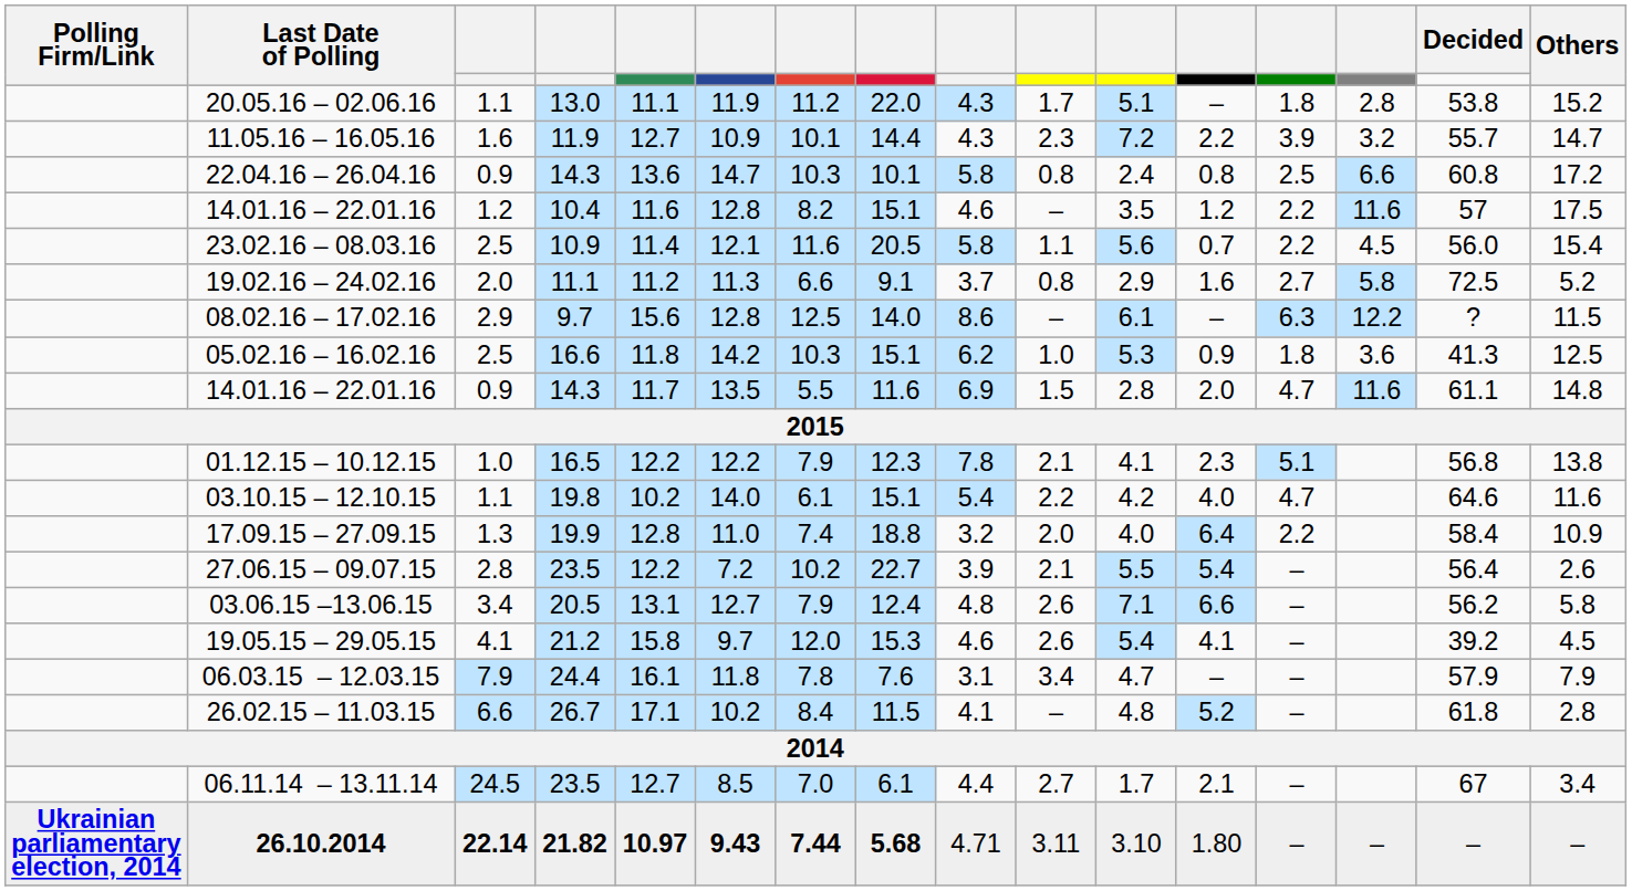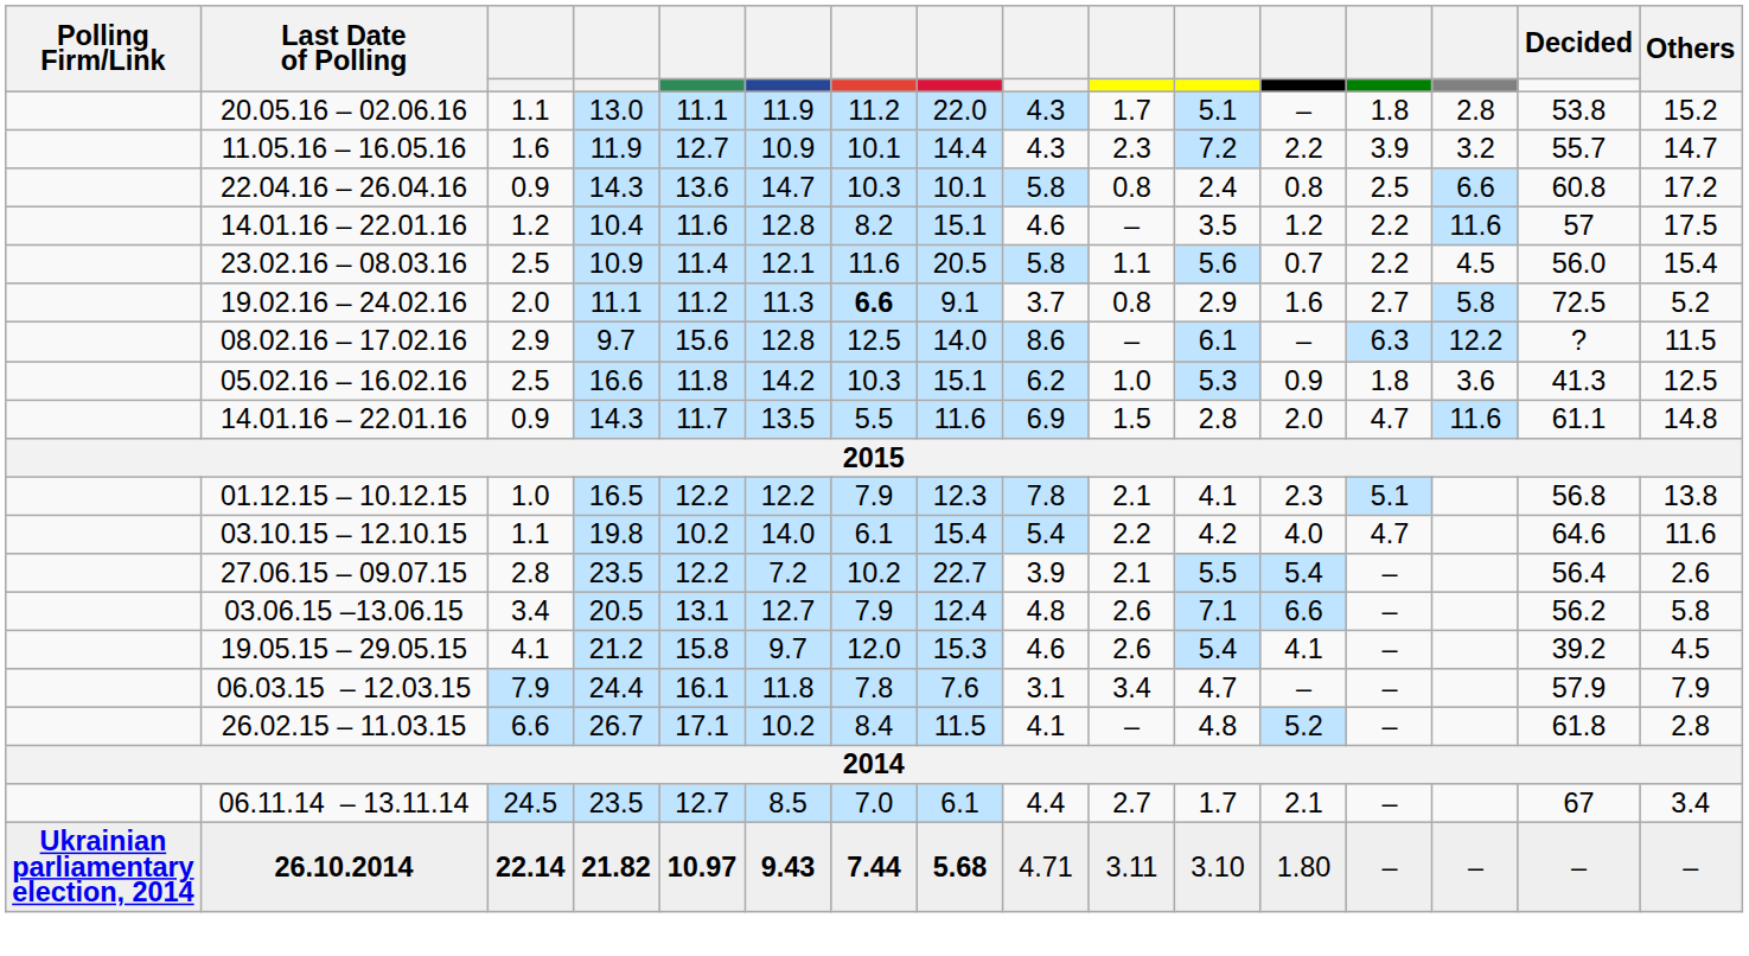 <table class="wikitable" style="text-align:center;font-size:95%;line-height:14px;">
 <tr style="height:40px; background-color:#E9E9E9">
 <th style="width:99px;" rowspan="2">Polling Firm/Link</th>
 <th style="width:150px;" rowspan="2">Last Date<br>of Polling</th>
 <th style="width:40px;"></th>
 <th style="width:40px;"></th>
 <th style="width:40px;"></th>
 <th style="width:40px;"></th>
 <th style="width:40px;"></th>
 <th style="width:40px;"></th>
 <th style="width:40px;"></th>
 <th style="width:40px;"></th>
 <th style="width:40px;"></th>
 <th style="width:40px;"></th>
 <th style="width:40px;"></th>
 <th style="width:40px;"></th>
 <th style="width:40px;">Decided</th>
 <th rowspan="2" style="width:35px;">Others</th>
 </tr>
 <tr>
 <th style="background:"></th>
 <th style="background:"></th>
 <th style="background:#2E8B57;"></th>
 <th style="background:#274696;"></th>
 <th style="background:#E34234;"></th>
 <th style="background:Crimson;"></th>
 <th style="background:"></th>
 <th style="background:yellow;"></th>
 <th style="background:yellow;"></th>
 <th style="background:black;"></th>
 <th style="background:green;"></th>
 <th style="background:gray;"></th>
 </tr>
 <tr>
 <td></td>
 <td>20.05.16 – 02.06.16</td>
 <td>1.1</td>
 <td bgcolor="#bfe4ff" >13.0</td>
 <td bgcolor="#bfe4ff" >11.1</td>
 <td bgcolor="#bfe4ff" >11.9</td>
 <td bgcolor="#bfe4ff" >11.2</td>
 <td bgcolor="#bfe4ff" >22.0</td>
 <td bgcolor="#bfe4ff" >4.3</td>
 <td>1.7</td>
 <td bgcolor="#bfe4ff" >5.1</td>
 <td>–</td>
 <td>1.8</td>
 <td>2.8</td>
 <td>53.8</td>
 <td>15.2</td>
 </tr>
 <tr>
 <td></td>
 <td>11.05.16 – 16.05.16</td>
 <td>1.6</td>
 <td bgcolor="#bfe4ff" >11.9</td>
 <td bgcolor="#bfe4ff" >12.7</td>
 <td bgcolor="#bfe4ff" >10.9</td>
 <td bgcolor="#bfe4ff" >10.1</td>
 <td bgcolor="#bfe4ff" >14.4</td>
 <td>4.3</td>
 <td>2.3</td>
 <td bgcolor="#bfe4ff" >7.2</td>
 <td>2.2</td>
 <td>3.9</td>
 <td>3.2</td>
 <td>55.7</td>
 <td>14.7</td>
 </tr>
 <tr>
 <td></td>
 <td>22.04.16 – 26.04.16</td>
 <td>0.9</td>
 <td bgcolor="#bfe4ff" >14.3</td>
 <td bgcolor="#bfe4ff" >13.6</td>
 <td bgcolor="#bfe4ff" >14.7</td>
 <td bgcolor="#bfe4ff" >10.3</td>
 <td bgcolor="#bfe4ff" >10.1</td>
 <td bgcolor="#bfe4ff" >5.8</td>
 <td>0.8</td>
 <td>2.4</td>
 <td>0.8</td>
 <td>2.5</td>
 <td bgcolor="#bfe4ff" >6.6</td>
 <td>60.8</td>
 <td>17.2</td>
 </tr>
 <tr>
 <td></td>
 <td>14.01.16 – 22.01.16</td>
 <td>1.2</td>
 <td bgcolor="#bfe4ff" >10.4</td>
 <td bgcolor="#bfe4ff" >11.6</td>
 <td bgcolor="#bfe4ff" >12.8</td>
 <td bgcolor="#bfe4ff" >8.2</td>
 <td bgcolor="#bfe4ff" >15.1</td>
 <td>4.6</td>
 <td>–</td>
 <td>3.5</td>
 <td>1.2</td>
 <td>2.2</td>
 <td bgcolor="#bfe4ff" >11.6</td>
 <td>57</td>
 <td>17.5</td>
 </tr>
 <tr>
 <td></td>
 <td>23.02.16 – 08.03.16</td>
 <td>2.5</td>
 <td bgcolor="#bfe4ff" >10.9</td>
 <td bgcolor="#bfe4ff" >11.4</td>
 <td bgcolor="#bfe4ff" >12.1</td>
 <td bgcolor="#bfe4ff" >11.6</td>
 <td bgcolor="#bfe4ff" >20.5</td>
 <td bgcolor="#bfe4ff" >5.8</td>
 <td>1.1</td>
 <td bgcolor="#bfe4ff" >5.6</td>
 <td>0.7</td>
 <td>2.2</td>
 <td>4.5</td>
 <td>56.0</td>
 <td>15.4</td>
 </tr>
 <tr>
 <td></td>
 <td>19.02.16 – 24.02.16</td>
 <td>2.0</td>
 <td bgcolor="#bfe4ff" >11.1</td>
 <td bgcolor="#bfe4ff" >11.2</td>
 <td bgcolor="#bfe4ff" >11.3</td>
-<td bgcolor="#bfe4ff" >6.6</td>
+<td bgcolor="#bfe4ff" ><strong>6.6</strong></td>
 <td bgcolor="#bfe4ff" >9.1</td>
 <td>3.7</td>
 <td>0.8</td>
 <td>2.9</td>
 <td>1.6</td>
 <td>2.7</td>
 <td bgcolor="#bfe4ff" >5.8</td>
 <td>72.5</td>
 <td>5.2</td>
 </tr>
 <tr>
 <td> </td>
 <td>08.02.16 – 17.02.16</td>
 <td>2.9</td>
 <td bgcolor="#bfe4ff" >9.7</td>
 <td bgcolor="#bfe4ff" >15.6</td>
 <td bgcolor="#bfe4ff" >12.8</td>
 <td bgcolor="#bfe4ff" >12.5</td>
 <td bgcolor="#bfe4ff" >14.0</td>
 <td bgcolor="#bfe4ff" >8.6</td>
 <td>–</td>
 <td bgcolor="#bfe4ff" >6.1</td>
 <td>–</td>
 <td bgcolor="#bfe4ff" >6.3</td>
 <td bgcolor="#bfe4ff">12.2</td>
 <td>?</td>
 <td>11.5</td>
 </tr>
 <tr>
 <td></td>
 <td>05.02.16 – 16.02.16</td>
 <td>2.5</td>
 <td bgcolor="#bfe4ff" >16.6</td>
 <td bgcolor="#bfe4ff" >11.8</td>
 <td bgcolor="#bfe4ff" >14.2</td>
 <td bgcolor="#bfe4ff" >10.3</td>
 <td bgcolor="#bfe4ff" >15.1</td>
 <td bgcolor="#bfe4ff" >6.2</td>
 <td>1.0</td>
 <td bgcolor="#bfe4ff" >5.3</td>
 <td>0.9</td>
 <td>1.8</td>
 <td>3.6</td>
 <td>41.3</td>
 <td>12.5</td>
 </tr>
 <tr>
 <td></td>
 <td>14.01.16 – 22.01.16</td>
 <td>0.9</td>
 <td bgcolor="#bfe4ff" >14.3</td>
 <td bgcolor="#bfe4ff" >11.7</td>
 <td bgcolor="#bfe4ff" >13.5</td>
 <td bgcolor="#bfe4ff" >5.5</td>
 <td bgcolor="#bfe4ff" >11.6</td>
 <td bgcolor="#bfe4ff" >6.9</td>
 <td>1.5</td>
 <td>2.8</td>
 <td>2.0</td>
 <td>4.7</td>
 <td bgcolor="#bfe4ff" >11.6</td>
 <td>61.1</td>
 <td>14.8</td>
 </tr>
 <tr>
 <th style="text-align: center;" colspan="16"><strong>2015</strong></th>
 </tr>
 <tr>
 <td></td>
 <td>01.12.15 – 10.12.15</td>
 <td>1.0</td>
 <td bgcolor="#bfe4ff" >16.5</td>
 <td bgcolor="#bfe4ff" >12.2</td>
 <td bgcolor="#bfe4ff" >12.2</td>
 <td bgcolor="#bfe4ff" >7.9</td>
 <td bgcolor="#bfe4ff" >12.3</td>
 <td bgcolor="#bfe4ff" >7.8</td>
 <td>2.1</td>
 <td>4.1</td>
 <td>2.3</td>
 <td bgcolor="#bfe4ff" >5.1</td>
 <td></td>
 <td>56.8</td>
 <td>13.8</td>
 </tr>
 <tr>
 <td></td>
 <td>03.10.15 – 12.10.15</td>
 <td>1.1</td>
 <td bgcolor="#bfe4ff" >19.8</td>
 <td bgcolor="#bfe4ff" >10.2</td>
 <td bgcolor="#bfe4ff" >14.0</td>
 <td bgcolor="#bfe4ff" >6.1</td>
-<td bgcolor="#bfe4ff" >15.1</td>
+<td bgcolor="#bfe4ff" >15.4</td>
 <td bgcolor="#bfe4ff" >5.4</td>
 <td>2.2</td>
 <td>4.2</td>
 <td>4.0</td>
 <td>4.7</td>
 <td></td>
 <td>64.6</td>
 <td>11.6</td>
-</tr>
-<tr>
-<td></td>
-<td>17.09.15 – 27.09.15</td>
-<td>1.3</td>
-<td bgcolor="#bfe4ff" >19.9</td>
-<td bgcolor="#bfe4ff" >12.8</td>
-<td bgcolor="#bfe4ff" >11.0</td>
-<td bgcolor="#bfe4ff" >7.4</td>
-<td bgcolor="#bfe4ff" >18.8</td>
-<td>3.2</td>
-<td>2.0</td>
-<td>4.0</td>
-<td bgcolor="#bfe4ff" >6.4</td>
-<td>2.2</td>
-<td></td>
-<td>58.4</td>
-<td>10.9</td>
 </tr>
 <tr>
 <td></td>
 <td>27.06.15 – 09.07.15</td>
 <td>2.8</td>
 <td bgcolor="#bfe4ff" >23.5</td>
 <td bgcolor="#bfe4ff" >12.2</td>
 <td bgcolor="#bfe4ff" >7.2</td>
 <td bgcolor="#bfe4ff" >10.2</td>
 <td bgcolor="#bfe4ff" >22.7</td>
 <td>3.9</td>
 <td>2.1</td>
 <td bgcolor="#bfe4ff" >5.5</td>
 <td bgcolor="#bfe4ff" >5.4</td>
 <td>–</td>
 <td></td>
 <td>56.4</td>
 <td>2.6</td>
 </tr>
 <tr>
 <td></td>
 <td>03.06.15 –13.06.15</td>
 <td>3.4</td>
 <td bgcolor="#bfe4ff" >20.5</td>
 <td bgcolor="#bfe4ff" >13.1</td>
 <td bgcolor="#bfe4ff" >12.7</td>
 <td bgcolor="#bfe4ff" >7.9</td>
 <td bgcolor="#bfe4ff" >12.4</td>
 <td>4.8</td>
 <td>2.6</td>
 <td bgcolor="#bfe4ff" >7.1</td>
 <td bgcolor="#bfe4ff" >6.6</td>
 <td>–</td>
 <td></td>
 <td>56.2</td>
 <td>5.8</td>
 </tr>
 <tr>
 <td></td>
 <td>19.05.15 – 29.05.15</td>
 <td>4.1</td>
 <td bgcolor="#bfe4ff" >21.2</td>
 <td bgcolor="#bfe4ff" >15.8</td>
 <td bgcolor="#bfe4ff" >9.7</td>
 <td bgcolor="#bfe4ff" >12.0</td>
 <td bgcolor="#bfe4ff" >15.3</td>
 <td>4.6</td>
 <td>2.6</td>
 <td bgcolor="#bfe4ff" >5.4</td>
 <td>4.1</td>
 <td>–</td>
 <td></td>
 <td>39.2</td>
 <td>4.5</td>
 </tr>
 <tr>
 <td></td>
 <td>06.03.15  – 12.03.15</td>
 <td bgcolor="#bfe4ff" >7.9</td>
 <td bgcolor="#bfe4ff" >24.4</td>
 <td bgcolor="#bfe4ff" >16.1</td>
 <td bgcolor="#bfe4ff" >11.8</td>
 <td bgcolor="#bfe4ff" >7.8</td>
 <td bgcolor="#bfe4ff" >7.6</td>
 <td>3.1</td>
 <td>3.4</td>
 <td>4.7</td>
 <td>–</td>
 <td>–</td>
 <td></td>
 <td>57.9</td>
 <td>7.9</td>
 </tr>
 <tr>
 <td></td>
 <td>26.02.15 – 11.03.15</td>
 <td bgcolor="#bfe4ff" >6.6</td>
 <td bgcolor="#bfe4ff" >26.7</td>
 <td bgcolor="#bfe4ff" >17.1</td>
 <td bgcolor="#bfe4ff" >10.2</td>
 <td bgcolor="#bfe4ff" >8.4</td>
 <td bgcolor="#bfe4ff" >11.5</td>
 <td>4.1</td>
 <td>–</td>
 <td>4.8</td>
 <td bgcolor="#bfe4ff" >5.2</td>
 <td>–</td>
 <td></td>
 <td>61.8</td>
 <td>2.8</td>
 </tr>
 <tr>
 <th style="text-align: center;" colspan="16"><strong>2014</strong></th>
 </tr>
 <tr>
 <td></td>
 <td>06.11.14  – 13.11.14</td>
 <td bgcolor="#bfe4ff" >24.5</td>
 <td bgcolor="#bfe4ff" >23.5</td>
 <td bgcolor="#bfe4ff" >12.7</td>
 <td bgcolor="#bfe4ff" >8.5</td>
 <td bgcolor="#bfe4ff" >7.0</td>
 <td bgcolor="#bfe4ff" >6.1</td>
 <td>4.4</td>
 <td>2.7</td>
 <td>1.7</td>
 <td>2.1</td>
 <td>–</td>
 <td></td>
 <td>67</td>
 <td>3.4</td>
 </tr>
 <tr>
 <td bgcolor="#efefef"><strong><a href='#'>Ukrainian parliamentary election, 2014</a></strong></td>
 <td bgcolor="#efefef"><strong>26.10.2014</strong></td>
 <td bgcolor="#efefef" ><strong>22.14</strong></td>
 <td bgcolor="#efefef" ><strong>21.82</strong></td>
 <td bgcolor="#efefef" ><strong>10.97</strong></td>
 <td bgcolor="#efefef" ><strong>9.43</strong></td>
 <td bgcolor="#efefef" ><strong>7.44</strong></td>
 <td bgcolor="#efefef" ><strong>5.68</strong></td>
 <td bgcolor="#efefef" >4.71</td>
 <td bgcolor="#efefef" >3.11</td>
 <td bgcolor="#efefef" >3.10</td>
 <td bgcolor="#efefef" >1.80</td>
 <td bgcolor="#efefef" >–</td>
 <td bgcolor="#efefef" >–</td>
 <td bgcolor="#efefef" >–</td>
 <td bgcolor="#efefef" >–</td>
 </tr>
 </table>
